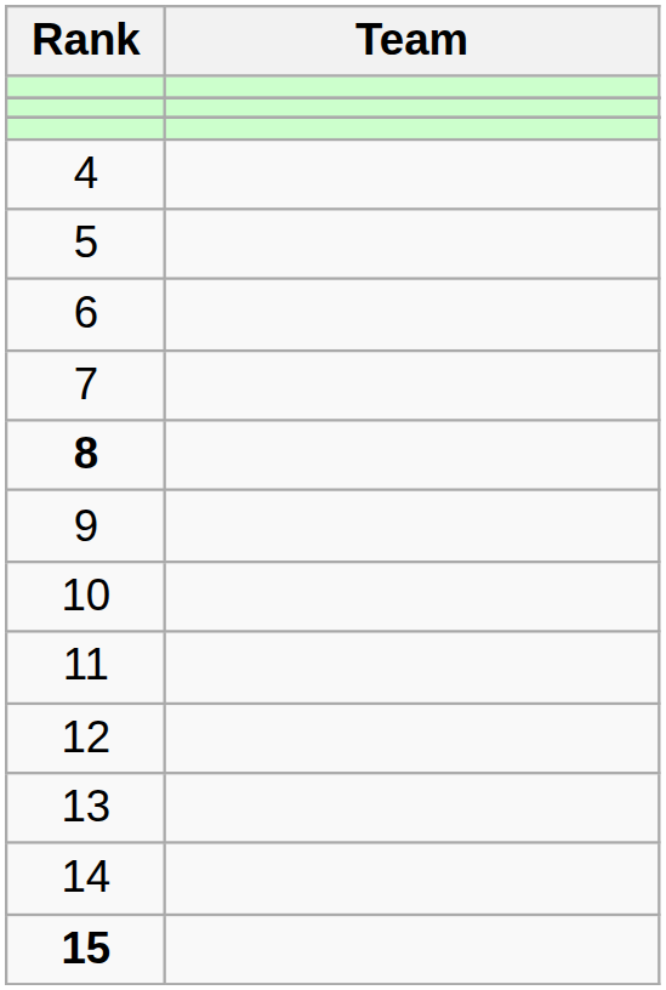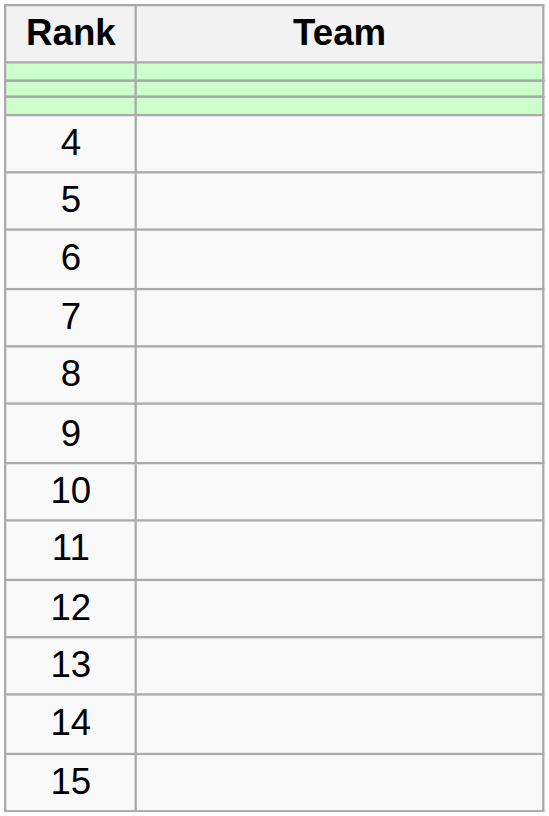 <table class="wikitable" style="text-align: center">
 <tr>
 <th width=50>Rank</th>
 <th width=170>Team</th>
 </tr>
 <tr bgcolor=ccffcc>
 <td></td>
 <td align=left></td>
 </tr>
 <tr>
 </tr>
 <tr bgcolor=ccffcc>
 <td></td>
 <td align=left></td>
 </tr>
 <tr>
 </tr>
 <tr bgcolor=ccffcc>
 <td></td>
 <td align=left></td>
 </tr>
 <tr>
 <td>4</td>
 <td align=left></td>
 </tr>
 <tr>
 <td>5</td>
 <td align=left></td>
 </tr>
 <tr>
 <td>6</td>
 <td align=left></td>
 </tr>
 <tr>
 <td>7</td>
 <td align=left></td>
 </tr>
 <tr>
-<td><strong>8</strong></td>
+<td>8</td>
 <td align=left></td>
 </tr>
 <tr>
 <td>9</td>
 <td align=left></td>
 </tr>
 <tr>
 <td>10</td>
 <td align=left></td>
 </tr>
 <tr>
 <td>11</td>
 <td align=left></td>
 </tr>
 <tr>
 <td>12</td>
 <td align=left></td>
 </tr>
 <tr>
 <td>13</td>
 <td align=left></td>
 </tr>
 <tr>
 <td>14</td>
 <td align=left></td>
 </tr>
 <tr>
-<td><strong>15</strong></td>
+<td>15</td>
 <td align=left></td>
 </tr>
 </table>
